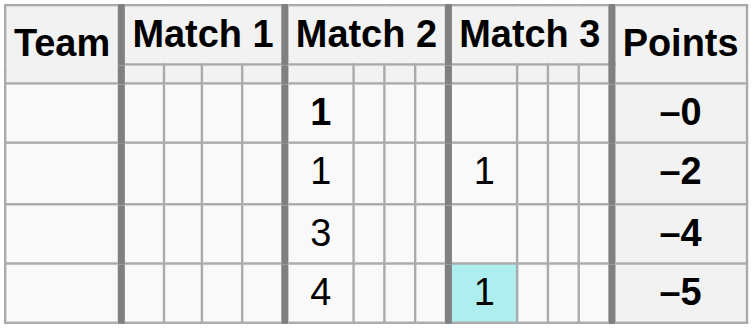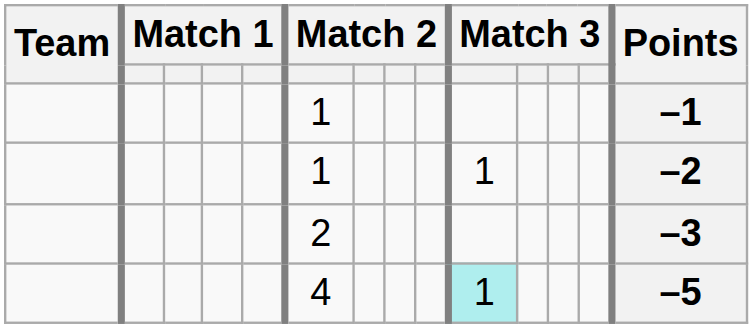 <table class="wikitable sortable" style="text-align:center;">
 <tr>
 <th rowspan=2>Team</th>
 <th colspan=4 style="border-left:3px solid gray">Match 1</th>
 <th colspan=4 style="border-left:3px solid gray">Match 2</th>
 <th colspan=4 style="border-left:3px solid gray">Match 3</th>
 <th rowspan=2 style="border-left:3px solid gray">Points</th>
 </tr>
 <tr>
 <th style="border-left:3px solid gray"></th>
 <th></th>
 <th></th>
 <th></th>
 <th style="border-left:3px solid gray"></th>
 <th></th>
 <th></th>
 <th></th>
 <th style="border-left:3px solid gray"></th>
 <th></th>
 <th></th>
 <th></th>
 </tr>
 <tr>
 <td align=left></td>
 <td style="border-left:3px solid gray"></td>
 <td></td>
 <td></td>
 <td></td>
-<td style="border-left:3px solid gray"><strong>1</strong></td>
+<td style="border-left:3px solid gray">1</td>
 <td></td>
 <td></td>
 <td></td>
 <td style="border-left:3px solid gray"></td>
 <td></td>
 <td></td>
 <td></td>
-<th style="border-left:3px solid gray">–0</th>
+<th style="border-left:3px solid gray">–1</th>
 </tr>
 <tr>
 <td align=left></td>
 <td style="border-left:3px solid gray"></td>
 <td></td>
 <td></td>
 <td></td>
 <td style="border-left:3px solid gray">1</td>
 <td></td>
 <td></td>
 <td></td>
 <td style="border-left:3px solid gray">1</td>
 <td></td>
 <td></td>
 <td></td>
 <th style="border-left:3px solid gray">–2</th>
 </tr>
 <tr>
 <td align=left></td>
 <td style="border-left:3px solid gray"></td>
 <td></td>
 <td></td>
 <td></td>
-<td style="border-left:3px solid gray">3</td>
+<td style="border-left:3px solid gray">2</td>
 <td></td>
 <td></td>
 <td></td>
 <td style="border-left:3px solid gray"></td>
 <td></td>
 <td></td>
 <td></td>
-<th style="border-left:3px solid gray">–4</th>
+<th style="border-left:3px solid gray">–3</th>
 </tr>
 <tr>
 <td align=left></td>
 <td style="border-left:3px solid gray"></td>
 <td></td>
 <td></td>
 <td></td>
 <td style="border-left:3px solid gray">4</td>
 <td></td>
 <td></td>
 <td></td>
 <td style="background: paleturquoise; border-left:3px solid gray">1</td>
 <td></td>
 <td></td>
 <td></td>
 <th style="border-left:3px solid gray">–5</th>
 </tr>
 </table>
